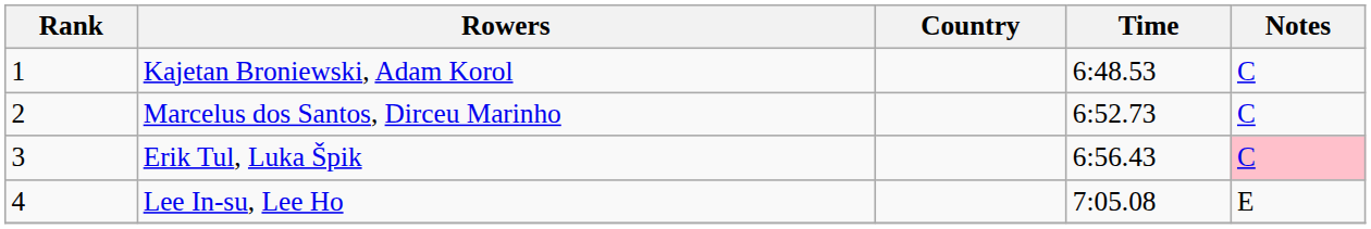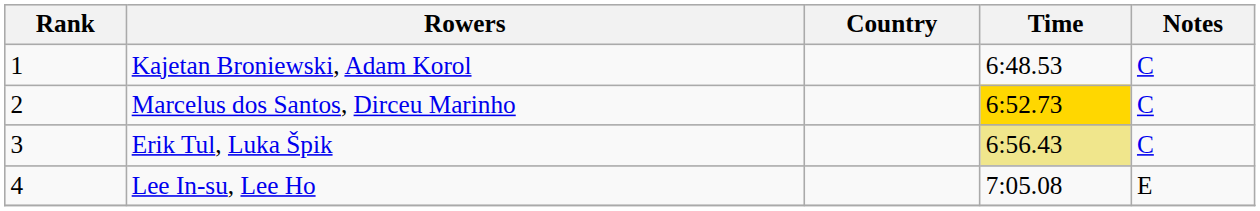 <table class="wikitable" width=50%>
 <tr>
 <th>Rank</th>
 <th>Rowers</th>
 <th>Country</th>
 <th>Time</th>
 <th>Notes</th>
 </tr>
 <tr>
 <td>1</td>
 <td><a href='#'>Kajetan Broniewski</a>, <a href='#'>Adam Korol</a></td>
 <td></td>
 <td>6:48.53</td>
 <td><a href='#'>C</a></td>
 </tr>
 <tr>
 <td>2</td>
 <td><a href='#'>Marcelus dos Santos</a>, <a href='#'>Dirceu Marinho</a></td>
 <td></td>
-<td>6:52.73</td>
+<td style="background: gold;">6:52.73</td>
 <td><a href='#'>C</a></td>
 </tr>
 <tr>
 <td>3</td>
 <td><a href='#'>Erik Tul</a>, <a href='#'>Luka Špik</a></td>
 <td></td>
-<td>6:56.43</td>
-<td style="background: pink;"><a href='#'>C</a></td>
+<td style="background: khaki;">6:56.43</td>
+<td><a href='#'>C</a></td>
 </tr>
 <tr>
 <td>4</td>
 <td><a href='#'>Lee In-su</a>, <a href='#'>Lee Ho</a></td>
 <td></td>
 <td>7:05.08</td>
 <td>E</td>
 </tr>
 <tr>
 </tr>
 </table>
